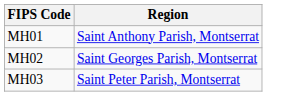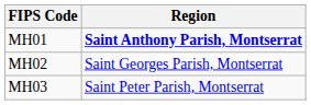 <table class="wikitable">
 <tr>
 <th>FIPS Code</th>
 <th>Region</th>
 </tr>
 <tr>
 <td>MH01</td>
-<td><a href='#'>Saint Anthony Parish, Montserrat</a></td>
+<td><strong><a href='#'>Saint Anthony Parish, Montserrat</a></strong></td>
 </tr>
 <tr>
 <td>MH02</td>
 <td><a href='#'>Saint Georges Parish, Montserrat</a></td>
 </tr>
 <tr>
 <td>MH03</td>
 <td><a href='#'>Saint Peter Parish, Montserrat</a></td>
 </tr>
 </table>
